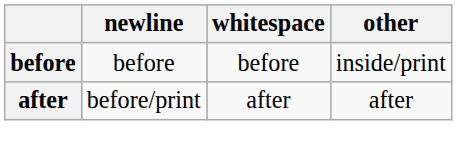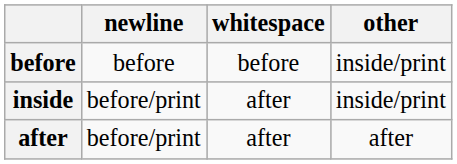 <table class="wikitable" style="text-align: center; display: inline-table; vertical-align:top;">
 <tr>
 <th></th>
 <th>newline</th>
 <th>whitespace</th>
 <th>other</th>
 </tr>
 <tr>
 <th>before</th>
 <td>before</td>
 <td>before</td>
 <td>inside/print</td>
 </tr>
 <tr>
+<th>inside</th>
+<td>before/print</td>
+<td>after</td>
+<td>inside/print</td>
+</tr>
+<tr>
 <th>after</th>
 <td>before/print</td>
 <td>after</td>
 <td>after</td>
 </tr>
 </table>
